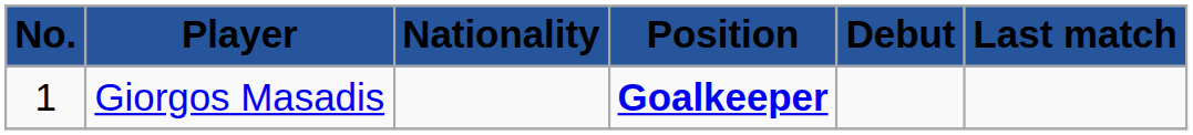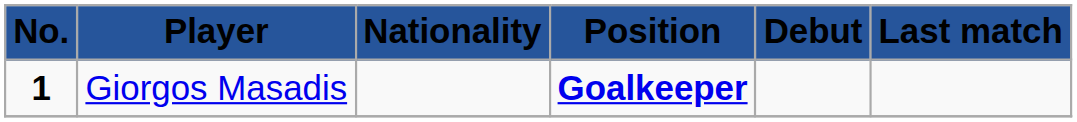 <table class="wikitable" style="text-align:center">
 <tr>
 <th style="background:#26559B;"><span>No.</span></th>
 <th style="background:#26559B;"><span>Player</span></th>
 <th style="background:#26559B;"><span>Nationality</span></th>
 <th style="background:#26559B;"><span>Position</span></th>
 <th style="background:#26559B;"><span>Debut</span></th>
 <th style="background:#26559B;"><span>Last match</span></th>
 </tr>
 <tr>
-<td>1</td>
+<td><strong>1</strong></td>
 <td align=left><a href='#'>Giorgos Masadis</a></td>
 <td align=left></td>
 <td align=left><strong><a href='#'>Goalkeeper</a></strong></td>
 <td align=left></td>
 <td align=left></td>
 </tr>
 <tr>
 </tr>
 </table>
